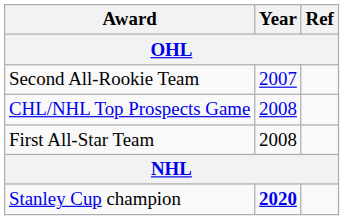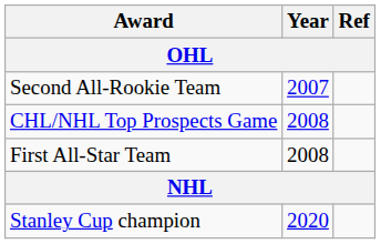 <table class="wikitable">
 <tr>
 <th>Award</th>
 <th>Year</th>
 <th>Ref</th>
 </tr>
 <tr>
 <th colspan="3"><a href='#'>OHL</a></th>
 </tr>
 <tr>
 <td>Second All-Rookie Team</td>
 <td><a href='#'>2007</a></td>
 <td></td>
 </tr>
 <tr>
 <td><a href='#'>CHL/NHL Top Prospects Game</a></td>
 <td><a href='#'>2008</a></td>
 <td></td>
 </tr>
 <tr>
 <td>First All-Star Team</td>
 <td>2008</td>
 <td></td>
 </tr>
 <tr>
 <th colspan="3"><a href='#'>NHL</a></th>
 </tr>
 <tr>
 <td><a href='#'>Stanley Cup</a> champion</td>
-<td><strong><a href='#'>2020</a></strong></td>
+<td><a href='#'>2020</a></td>
 <td></td>
 </tr>
 </table>
